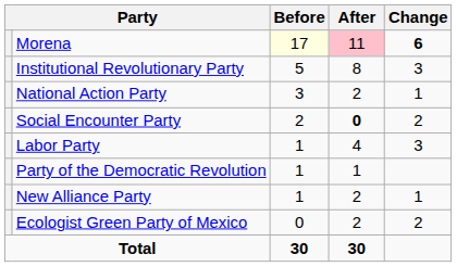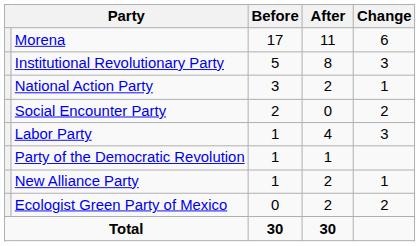 <table class="wikitable" style="text-align:center;">
 <tr>
 <th colspan="2">Party</th>
 <th style="width:3em">Before</th>
 <th style="width:3em">After</th>
 <th style="width:3em">Change</th>
 </tr>
 <tr>
 <th style="background-color:"></th>
 <td style="text-align:left;"><a href='#'>Morena</a></td>
-<td style="background: lightyellow;">17</td>
-<td style="background: pink;">11</td>
-<td><strong>6</strong></td>
+<td>17</td>
+<td>11</td>
+<td>6</td>
 </tr>
 <tr>
 <th style="background-color:"></th>
 <td style="text-align:left;"><a href='#'>Institutional Revolutionary Party</a></td>
 <td>5</td>
 <td>8</td>
 <td>3</td>
 </tr>
 <tr>
 <th style="background-color:"></th>
 <td style="text-align:left;"><a href='#'>National Action Party</a></td>
 <td>3</td>
 <td>2</td>
 <td>1</td>
 </tr>
 <tr>
 <th style="background-color:"></th>
 <td style="text-align:left;"><a href='#'>Social Encounter Party</a></td>
 <td>2</td>
-<td><strong>0</strong></td>
+<td>0</td>
 <td>2</td>
 </tr>
 <tr>
 <th style="background-color:"></th>
 <td style="text-align:left;"><a href='#'>Labor Party</a></td>
 <td>1</td>
 <td>4</td>
 <td>3</td>
 </tr>
 <tr>
 <th style="background-color:"></th>
 <td style="text-align:left;"><a href='#'>Party of the Democratic Revolution</a></td>
 <td>1</td>
 <td>1</td>
 <td></td>
 </tr>
 <tr>
 <th style="background-color:"></th>
 <td style="text-align:left;"><a href='#'>New Alliance Party</a></td>
 <td>1</td>
 <td>2</td>
 <td>1</td>
 </tr>
 <tr>
 <th style="background-color:"></th>
 <td style="text-align:left;"><a href='#'>Ecologist Green Party of Mexico</a></td>
 <td>0</td>
 <td>2</td>
 <td>2</td>
 </tr>
 <tr>
 <td colspan="2"><strong>Total</strong></td>
 <td><strong>30</strong></td>
 <td><strong>30</strong></td>
 <td></td>
 </tr>
 </table>
